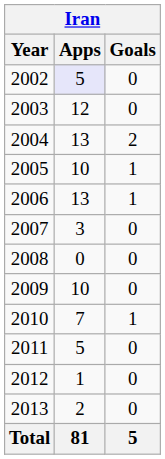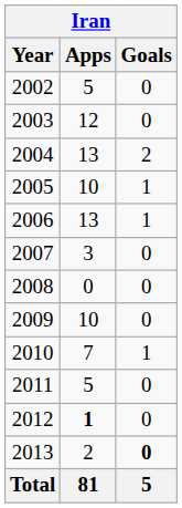 <table class="wikitable" style="text-align:center">
 <tr>
 <th colspan=3><a href='#'>Iran</a></th>
 </tr>
 <tr>
 <th>Year</th>
 <th>Apps</th>
 <th>Goals</th>
 </tr>
 <tr>
 <td>2002</td>
-<td style="background: lavender;">5</td>
+<td>5</td>
 <td>0</td>
 </tr>
 <tr>
 <td>2003</td>
 <td>12</td>
 <td>0</td>
 </tr>
 <tr>
 <td>2004</td>
 <td>13</td>
 <td>2</td>
 </tr>
 <tr>
 <td>2005</td>
 <td>10</td>
 <td>1</td>
 </tr>
 <tr>
 <td>2006</td>
 <td>13</td>
 <td>1</td>
 </tr>
 <tr>
 <td>2007</td>
 <td>3</td>
 <td>0</td>
 </tr>
 <tr>
 <td>2008</td>
 <td>0</td>
 <td>0</td>
 </tr>
 <tr>
 <td>2009</td>
 <td>10</td>
 <td>0</td>
 </tr>
 <tr>
 <td>2010</td>
 <td>7</td>
 <td>1</td>
 </tr>
 <tr>
 <td>2011</td>
 <td>5</td>
 <td>0</td>
 </tr>
 <tr>
 <td>2012</td>
-<td>1</td>
+<td><strong>1</strong></td>
 <td>0</td>
 </tr>
 <tr>
 <td>2013</td>
 <td>2</td>
-<td>0</td>
+<td><strong>0</strong></td>
 </tr>
 <tr>
 <th>Total</th>
 <th>81</th>
 <th>5</th>
 </tr>
 </table>
